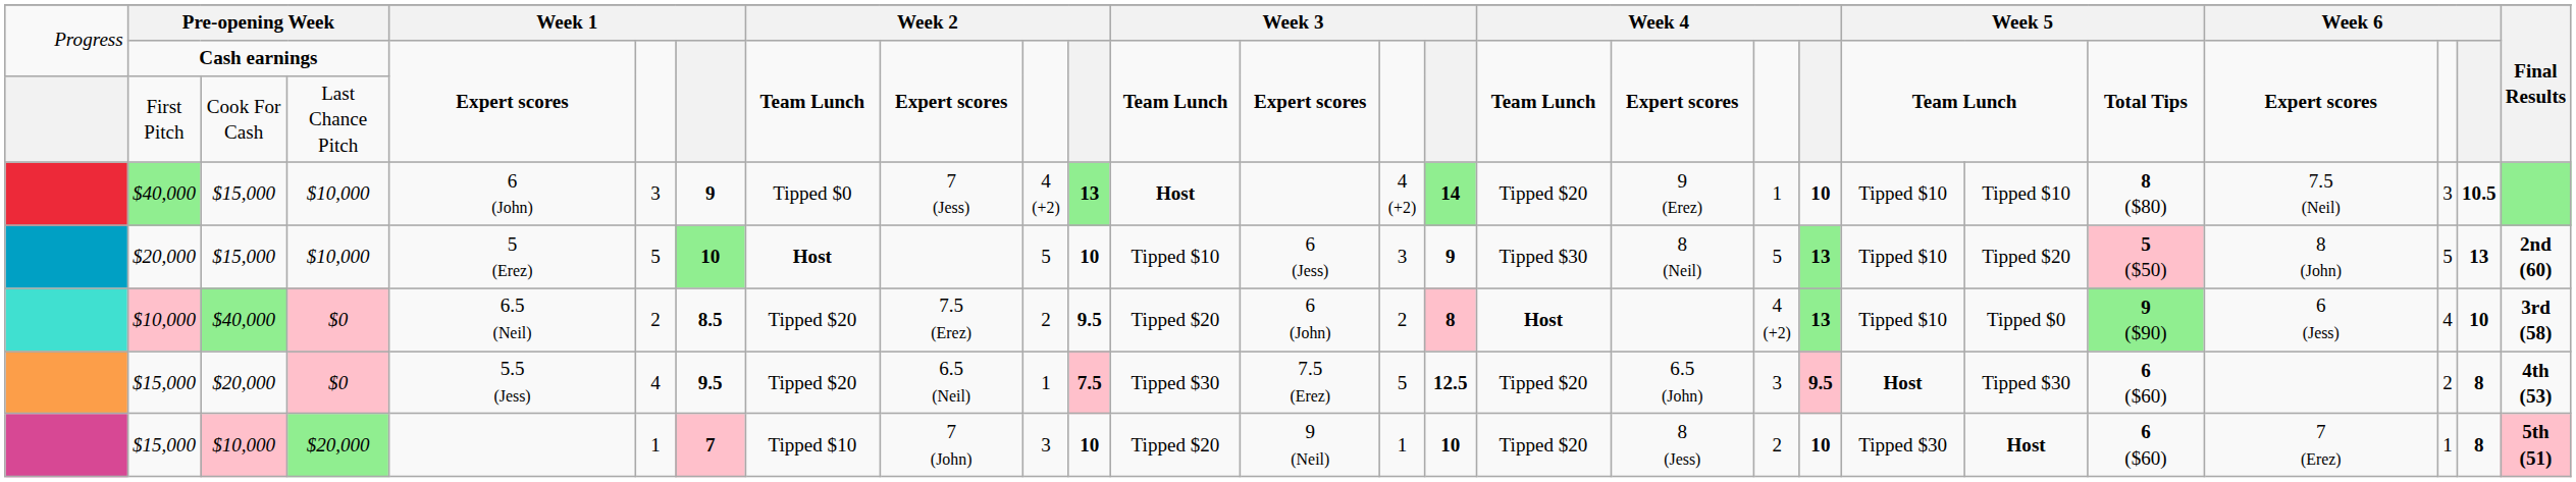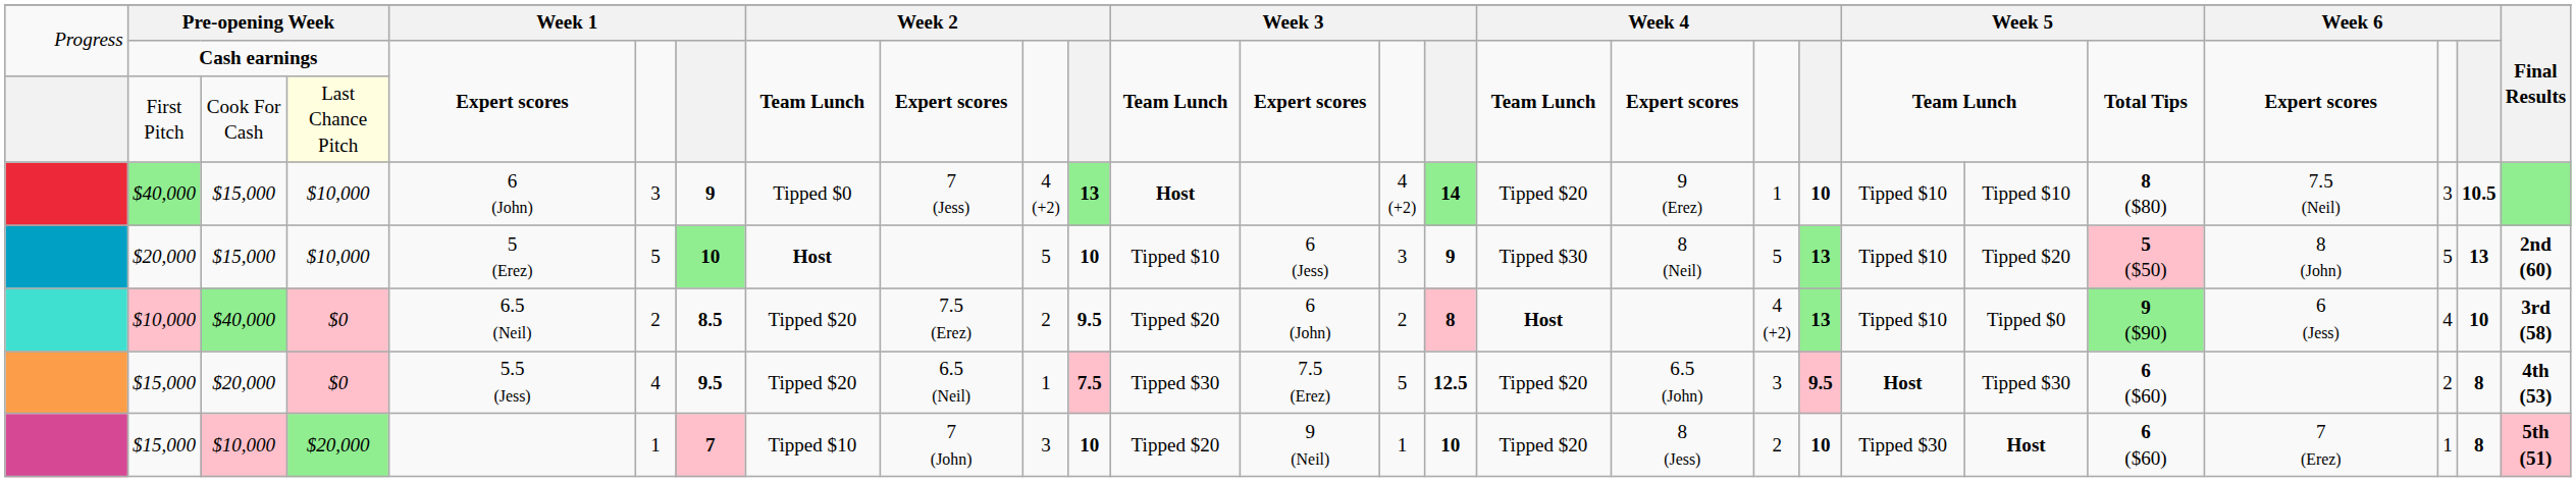 <table class="wikitable" style="text-align: center; font-size: 9pt; line-height:16px; width:100%">
 <tr valign="top">
 </tr>
 <tr>
 <td rowspan="2" style="text-align: right"><em>Progress</em></td>
 <th style="width:10%" colspan="3">Pre-opening Week</th>
 <th colspan="3" style="width:15%">Week 1</th>
 <th colspan="4" style="width:15%">Week 2</th>
 <th colspan="4" style="width:15%">Week 3</th>
 <th colspan="4" style="width:15%">Week 4</th>
 <th colspan="3" style="width:15%">Week 5</th>
 <th colspan="3" style="width:15%">Week 6</th>
 <th rowspan="3">Final Results</th>
 </tr>
 <tr>
 <td colspan="3"><strong>Cash earnings</strong></td>
 <td rowspan="2"><strong>Expert scores</strong></td>
 <td rowspan="2"></td>
 <th rowspan="2"></th>
 <td rowspan="2"><strong>Team Lunch</strong></td>
 <td rowspan="2"><strong>Expert scores</strong></td>
 <td rowspan="2"></td>
 <th rowspan="2"></th>
 <td rowspan="2"><strong>Team Lunch</strong></td>
 <td rowspan="2"><strong>Expert scores</strong></td>
 <td rowspan="2"></td>
 <th rowspan="2"></th>
 <td rowspan="2"><strong>Team Lunch</strong></td>
 <td rowspan="2"><strong>Expert scores</strong></td>
 <td rowspan="2"></td>
 <th rowspan="2"></th>
 <td colspan="2" rowspan="2"><strong>Team Lunch</strong></td>
 <td rowspan="2"><strong>Total Tips</strong></td>
 <td rowspan="2"><strong>Expert scores</strong></td>
 <td rowspan="2"></td>
 <th rowspan="2"></th>
 </tr>
 <tr>
 <th style="width:5%"></th>
 <td>First Pitch</td>
 <td>Cook For Cash</td>
-<td>Last Chance Pitch</td>
+<td style="background: lightyellow;">Last Chance Pitch</td>
 </tr>
 <tr>
 <td bgcolor="ED2939"></td>
 <td bgcolor="lightgreen"><em>$40,000</em></td>
 <td><em>$15,000</em></td>
 <td><em>$10,000</em></td>
 <td>6<br><small>(John)</small></td>
 <td>3</td>
 <td><strong>9</strong></td>
 <td>Tipped $0</td>
 <td>7<br><small>(Jess)</small></td>
 <td>4<br><small>(+2)</small></td>
 <td bgcolor="lightgreen"><strong>13</strong></td>
 <td><strong>Host</strong></td>
 <td></td>
 <td>4<br><small>(+2)</small></td>
 <td bgcolor="lightgreen"><strong>14</strong></td>
 <td>Tipped $20</td>
 <td>9<br><small>(Erez)</small></td>
 <td>1</td>
 <td><strong>10</strong></td>
 <td>Tipped $10</td>
 <td>Tipped $10</td>
 <td><strong>8</strong><br>($80)</td>
 <td>7.5<br><small>(Neil)</small></td>
 <td>3</td>
 <td><strong>10.5</strong></td>
 <td bgcolor="lightgreen"></td>
 </tr>
 <tr>
 <td bgcolor="00A0C4"></td>
 <td><em>$20,000</em></td>
 <td><em>$15,000</em></td>
 <td><em>$10,000</em></td>
 <td>5<br><small>(Erez)</small></td>
 <td>5</td>
 <td bgcolor="lightgreen"><strong>10</strong></td>
 <td><strong>Host</strong></td>
 <td></td>
 <td>5</td>
 <td><strong>10</strong></td>
 <td>Tipped $10</td>
 <td>6<br><small>(Jess)</small></td>
 <td>3</td>
 <td><strong>9</strong></td>
 <td>Tipped $30</td>
 <td>8<br><small>(Neil)</small></td>
 <td>5</td>
 <td bgcolor="lightgreen"><strong>13</strong></td>
 <td>Tipped $10</td>
 <td>Tipped $20</td>
 <td bgcolor="pink"><strong>5</strong><br>($50)</td>
 <td>8<br><small>(John)</small></td>
 <td>5</td>
 <td><strong>13</strong></td>
 <td><strong>2nd</strong><br><strong>(60)</strong></td>
 </tr>
 <tr>
 <td bgcolor="40E0D0"></td>
 <td bgcolor="pink"><em>$10,000</em></td>
 <td bgcolor="lightgreen"><em>$40,000</em></td>
 <td bgcolor="pink"><em>$0</em></td>
 <td>6.5<br><small>(Neil)</small></td>
 <td>2</td>
 <td><strong>8.5</strong></td>
 <td>Tipped $20</td>
 <td>7.5<br><small>(Erez)</small></td>
 <td>2</td>
 <td><strong>9.5</strong></td>
 <td>Tipped $20</td>
 <td>6<br><small>(John)</small></td>
 <td>2</td>
 <td bgcolor="pink"><strong>8</strong></td>
 <td><strong>Host</strong></td>
 <td></td>
 <td>4<br><small>(+2)</small></td>
 <td bgcolor="lightgreen"><strong>13</strong></td>
 <td>Tipped $10</td>
 <td>Tipped $0</td>
 <td bgcolor="lightgreen"><strong>9</strong><br>($90)</td>
 <td>6<br><small>(Jess)</small></td>
 <td>4</td>
 <td><strong>10</strong></td>
 <td><strong>3rd</strong><br><strong>(58)</strong></td>
 </tr>
 <tr>
 <td bgcolor="FC9E49"></td>
 <td><em>$15,000</em></td>
 <td><em>$20,000</em></td>
 <td bgcolor="pink"><em>$0</em></td>
 <td>5.5<br><small>(Jess)</small></td>
 <td>4</td>
 <td><strong>9.5</strong></td>
 <td>Tipped $20</td>
 <td>6.5<br><small>(Neil)</small></td>
 <td>1</td>
 <td bgcolor="pink"><strong>7.5</strong></td>
 <td>Tipped $30</td>
 <td>7.5<br><small>(Erez)</small></td>
 <td>5</td>
 <td><strong>12.5</strong></td>
 <td>Tipped $20</td>
 <td>6.5<br><small>(John)</small></td>
 <td>3</td>
 <td bgcolor="pink"><strong>9.5</strong></td>
 <td><strong>Host</strong></td>
 <td>Tipped $30</td>
 <td><strong>6</strong><br>($60)</td>
 <td></td>
 <td>2</td>
 <td><strong>8</strong></td>
 <td><strong>4th</strong><br><strong>(53)</strong></td>
 </tr>
 <tr>
 <td bgcolor="D74894"></td>
 <td><em>$15,000</em></td>
 <td bgcolor="pink"><em>$10,000</em></td>
 <td bgcolor="lightgreen"><em>$20,000</em></td>
 <td></td>
 <td>1</td>
 <td bgcolor="pink"><strong>7</strong></td>
 <td>Tipped $10</td>
 <td>7<br><small>(John)</small></td>
 <td>3</td>
 <td><strong>10</strong></td>
 <td>Tipped $20</td>
 <td>9<br><small>(Neil)</small></td>
 <td>1</td>
 <td><strong>10</strong></td>
 <td>Tipped $20</td>
 <td>8<br><small>(Jess)</small></td>
 <td>2</td>
 <td><strong>10</strong></td>
 <td>Tipped $30</td>
 <td><strong>Host</strong></td>
 <td><strong>6</strong><br>($60)</td>
 <td>7<br><small>(Erez)</small></td>
 <td>1</td>
 <td><strong>8</strong></td>
 <td bgcolor="pink"><strong>5th</strong><br><strong>(51)</strong></td>
 </tr>
 </table>
